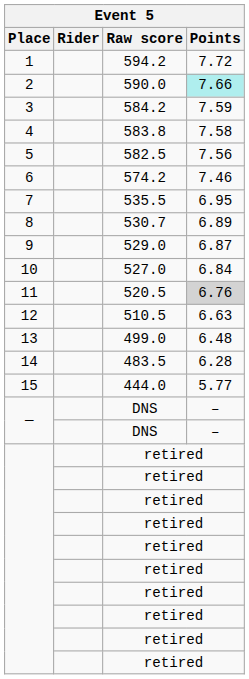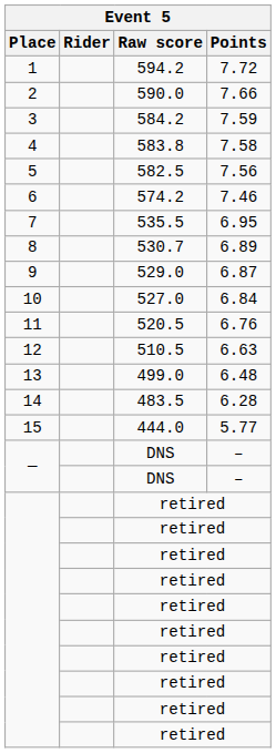 <table class=wikitable style="text-align:center">
 <tr>
 <th colspan=4>Event 5</th>
 </tr>
 <tr>
 <th>Place</th>
 <th>Rider</th>
 <th>Raw score</th>
 <th>Points</th>
 </tr>
 <tr>
 <td>1</td>
 <td align=left></td>
 <td>594.2</td>
 <td>7.72</td>
 </tr>
 <tr>
 <td>2</td>
 <td align=left></td>
 <td>590.0</td>
-<td style="background: paleturquoise;">7.66</td>
+<td>7.66</td>
 </tr>
 <tr>
 <td>3</td>
 <td align=left></td>
 <td>584.2</td>
 <td>7.59</td>
 </tr>
 <tr>
 <td>4</td>
 <td align=left></td>
 <td>583.8</td>
 <td>7.58</td>
 </tr>
 <tr>
 <td>5</td>
 <td align=left></td>
 <td>582.5</td>
 <td>7.56</td>
 </tr>
 <tr>
 <td>6</td>
 <td align=left></td>
 <td>574.2</td>
 <td>7.46</td>
 </tr>
 <tr>
 <td>7</td>
 <td align=left></td>
 <td>535.5</td>
 <td>6.95</td>
 </tr>
 <tr>
 <td>8</td>
 <td align=left></td>
 <td>530.7</td>
 <td>6.89</td>
 </tr>
 <tr>
 <td>9</td>
 <td align=left></td>
 <td>529.0</td>
 <td>6.87</td>
 </tr>
 <tr>
 <td>10</td>
 <td align=left></td>
 <td>527.0</td>
 <td>6.84</td>
 </tr>
 <tr>
 <td>11</td>
 <td align=left></td>
 <td>520.5</td>
-<td style="background: lightgrey;">6.76</td>
+<td>6.76</td>
 </tr>
 <tr>
 <td>12</td>
 <td align=left></td>
 <td>510.5</td>
 <td>6.63</td>
 </tr>
 <tr>
 <td>13</td>
 <td align=left></td>
 <td>499.0</td>
 <td>6.48</td>
 </tr>
 <tr>
 <td>14</td>
 <td align=left></td>
 <td>483.5</td>
 <td>6.28</td>
 </tr>
 <tr>
 <td>15</td>
 <td align=left></td>
 <td>444.0</td>
 <td>5.77</td>
 </tr>
 <tr>
 <td rowspan=2>—</td>
 <td align=left></td>
 <td>DNS</td>
 <td>–</td>
 </tr>
 <tr>
 <td align=left></td>
 <td>DNS</td>
 <td>–</td>
 </tr>
 <tr>
 <td rowspan=10></td>
 <td align=left></td>
 <td colspan=2>retired</td>
 </tr>
 <tr>
 <td align=left></td>
 <td colspan=2>retired</td>
 </tr>
 <tr>
 <td align=left></td>
 <td colspan=2>retired</td>
 </tr>
 <tr>
 <td align=left></td>
 <td colspan=2>retired</td>
 </tr>
 <tr>
 <td align=left></td>
 <td colspan=2>retired</td>
 </tr>
 <tr>
 <td align=left></td>
 <td colspan=2>retired</td>
 </tr>
 <tr>
 <td align=left></td>
 <td colspan=2>retired</td>
 </tr>
 <tr>
 <td align=left></td>
 <td colspan=2>retired</td>
 </tr>
 <tr>
 <td align=left></td>
 <td colspan=2>retired</td>
 </tr>
 <tr>
 <td align=left></td>
 <td colspan=2>retired</td>
 </tr>
 </table>
